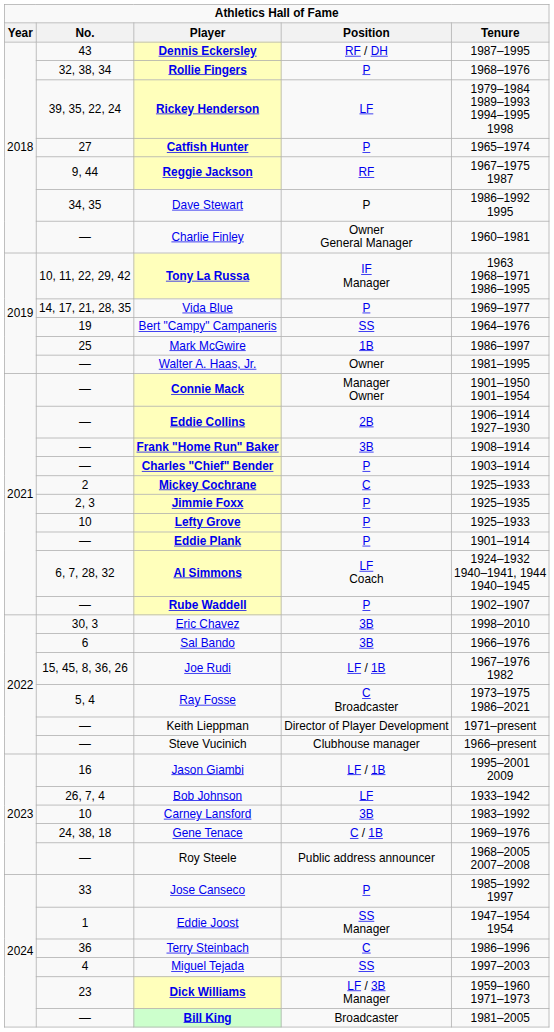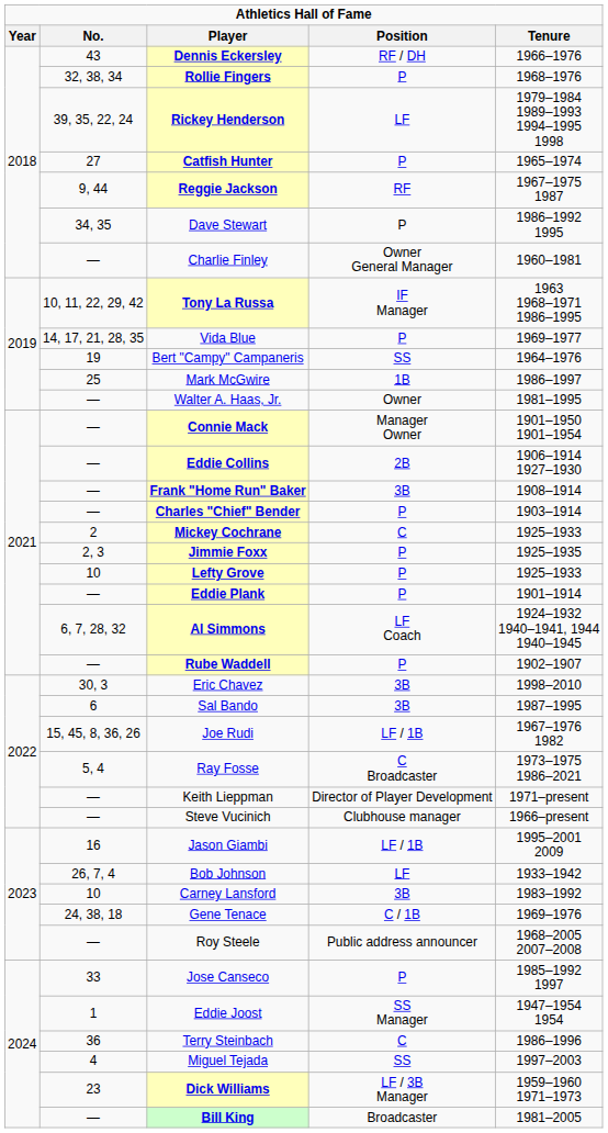 <table class="wikitable" style="text-align:center">
 <tr>
 <td colspan="5"><strong>Athletics Hall of Fame</strong></td>
 </tr>
 <tr>
 <th>Year</th>
 <th>No.</th>
 <th>Player</th>
 <th>Position</th>
 <th>Tenure</th>
 </tr>
 <tr>
 <td rowspan=7>2018</td>
 <td>43</td>
 <td style="background:#ffb;"><strong><a href='#'>Dennis Eckersley</a></strong></td>
 <td><a href='#'>RF</a> / <a href='#'>DH</a></td>
-<td>1987–1995</td>
+<td>1966–1976</td>
 </tr>
 <tr>
 <td>32, 38, 34</td>
 <td style="background:#ffb;"><strong><a href='#'>Rollie Fingers</a></strong></td>
 <td><a href='#'>P</a></td>
 <td>1968–1976</td>
 </tr>
 <tr>
 <td>39, 35, 22, 24</td>
 <td style="background:#ffb;"><strong><a href='#'>Rickey Henderson</a></strong></td>
 <td><a href='#'>LF</a></td>
 <td>1979–1984<br>1989–1993<br>1994–1995<br>1998</td>
 </tr>
 <tr>
 <td>27</td>
 <td style="background:#ffb;"><strong><a href='#'>Catfish Hunter</a></strong></td>
 <td><a href='#'>P</a></td>
 <td>1965–1974</td>
 </tr>
 <tr>
 <td>9, 44</td>
 <td style="background:#ffb;"><strong><a href='#'>Reggie Jackson</a></strong></td>
 <td><a href='#'>RF</a></td>
 <td>1967–1975<br>1987</td>
 </tr>
 <tr>
 <td>34, 35</td>
 <td><a href='#'>Dave Stewart</a></td>
 <td>P</td>
 <td>1986–1992<br>1995</td>
 </tr>
 <tr>
 <td>—</td>
 <td><a href='#'>Charlie Finley</a></td>
 <td>Owner<br>General Manager</td>
 <td>1960–1981</td>
 </tr>
 <tr>
 <td rowspan=5>2019</td>
 <td>10, 11, 22, 29, 42</td>
 <td style="background:#ffb;"><strong><a href='#'>Tony La Russa</a></strong></td>
 <td><a href='#'>IF</a><br>Manager</td>
 <td>1963<br>1968–1971<br>1986–1995</td>
 </tr>
 <tr>
 <td>14, 17, 21, 28, 35</td>
 <td><a href='#'>Vida Blue</a></td>
 <td><a href='#'>P</a></td>
 <td>1969–1977</td>
 </tr>
 <tr>
 <td>19</td>
 <td><a href='#'>Bert "Campy" Campaneris</a></td>
 <td><a href='#'>SS</a></td>
 <td>1964–1976</td>
 </tr>
 <tr>
 <td>25</td>
 <td><a href='#'>Mark McGwire</a></td>
 <td><a href='#'>1B</a></td>
 <td>1986–1997</td>
 </tr>
 <tr>
 <td>—</td>
 <td><a href='#'>Walter A. Haas, Jr.</a></td>
 <td>Owner</td>
 <td>1981–1995</td>
 </tr>
 <tr>
 <td rowspan=10>2021</td>
 <td>—</td>
 <td style="background:#ffb;"><strong><a href='#'>Connie Mack</a></strong></td>
 <td>Manager<br>Owner</td>
 <td>1901–1950<br>1901–1954</td>
 </tr>
 <tr>
 <td>—</td>
 <td style="background:#ffb;"><strong><a href='#'>Eddie Collins</a></strong></td>
 <td><a href='#'>2B</a></td>
 <td>1906–1914<br>1927–1930</td>
 </tr>
 <tr>
 <td>—</td>
 <td style="background:#ffb;"><strong><a href='#'>Frank "Home Run" Baker</a></strong></td>
 <td><a href='#'>3B</a></td>
 <td>1908–1914</td>
 </tr>
 <tr>
 <td>—</td>
 <td style="background:#ffb;"><strong><a href='#'>Charles "Chief" Bender</a></strong></td>
 <td><a href='#'>P</a></td>
 <td>1903–1914</td>
 </tr>
 <tr>
 <td>2</td>
 <td style="background:#ffb;"><strong><a href='#'>Mickey Cochrane</a></strong></td>
 <td><a href='#'>C</a></td>
 <td>1925–1933</td>
 </tr>
 <tr>
 <td>2, 3</td>
 <td style="background:#ffb;"><strong><a href='#'>Jimmie Foxx</a></strong></td>
 <td><a href='#'>P</a></td>
 <td>1925–1935</td>
 </tr>
 <tr>
 <td>10</td>
 <td style="background:#ffb;"><strong><a href='#'>Lefty Grove</a></strong></td>
 <td><a href='#'>P</a></td>
 <td>1925–1933</td>
 </tr>
 <tr>
 <td>—</td>
 <td style="background:#ffb;"><strong><a href='#'>Eddie Plank</a></strong></td>
 <td><a href='#'>P</a></td>
 <td>1901–1914</td>
 </tr>
 <tr>
 <td>6, 7, 28, 32</td>
 <td style="background:#ffb;"><strong><a href='#'>Al Simmons</a></strong></td>
 <td><a href='#'>LF</a><br>Coach</td>
 <td>1924–1932<br>1940–1941, 1944<br>1940–1945</td>
 </tr>
 <tr>
 <td>—</td>
 <td style="background:#ffb;"><strong><a href='#'>Rube Waddell</a></strong></td>
 <td><a href='#'>P</a></td>
 <td>1902–1907</td>
 </tr>
 <tr>
 <td rowspan=6>2022</td>
 <td>30, 3</td>
 <td><a href='#'>Eric Chavez</a></td>
 <td><a href='#'>3B</a></td>
 <td>1998–2010</td>
 </tr>
 <tr>
 <td>6</td>
 <td><a href='#'>Sal Bando</a></td>
 <td><a href='#'>3B</a></td>
-<td>1966–1976</td>
+<td>1987–1995</td>
 </tr>
 <tr>
 <td>15, 45, 8, 36, 26</td>
 <td><a href='#'>Joe Rudi</a></td>
 <td><a href='#'>LF</a> / <a href='#'>1B</a></td>
 <td>1967–1976<br>1982</td>
 </tr>
 <tr>
 <td>5, 4</td>
 <td><a href='#'>Ray Fosse</a></td>
 <td><a href='#'>C</a><br>Broadcaster</td>
 <td>1973–1975<br>1986–2021</td>
 </tr>
 <tr>
 <td>—</td>
 <td>Keith Lieppman</td>
 <td>Director of Player Development</td>
 <td>1971–present</td>
 </tr>
 <tr>
 <td>—</td>
 <td>Steve Vucinich</td>
 <td>Clubhouse manager</td>
 <td>1966–present</td>
 </tr>
 <tr>
 <td rowspan=5>2023</td>
 <td>16</td>
 <td><a href='#'>Jason Giambi</a></td>
 <td><a href='#'>LF</a> / <a href='#'>1B</a></td>
 <td>1995–2001<br>2009</td>
 </tr>
 <tr>
 <td>26, 7, 4</td>
 <td><a href='#'>Bob Johnson</a></td>
 <td><a href='#'>LF</a></td>
 <td>1933–1942</td>
 </tr>
 <tr>
 <td>10</td>
 <td><a href='#'>Carney Lansford</a></td>
 <td><a href='#'>3B</a></td>
 <td>1983–1992</td>
 </tr>
 <tr>
 <td>24, 38, 18</td>
 <td><a href='#'>Gene Tenace</a></td>
 <td><a href='#'>C</a> / <a href='#'>1B</a></td>
 <td>1969–1976</td>
 </tr>
 <tr>
 <td>—</td>
 <td>Roy Steele</td>
 <td>Public address announcer</td>
 <td>1968–2005<br>2007–2008</td>
 </tr>
 <tr>
 <td rowspan=6>2024</td>
 <td>33</td>
 <td><a href='#'>Jose Canseco</a></td>
 <td><a href='#'>P</a></td>
 <td>1985–1992<br>1997</td>
 </tr>
 <tr>
 <td>1</td>
 <td><a href='#'>Eddie Joost</a></td>
 <td><a href='#'>SS</a><br>Manager</td>
 <td>1947–1954<br>1954</td>
 </tr>
 <tr>
 <td>36</td>
 <td><a href='#'>Terry Steinbach</a></td>
 <td><a href='#'>C</a></td>
 <td>1986–1996</td>
 </tr>
 <tr>
 <td>4</td>
 <td><a href='#'>Miguel Tejada</a></td>
 <td><a href='#'>SS</a></td>
 <td>1997–2003</td>
 </tr>
 <tr>
 <td>23</td>
 <td style="background:#ffb;"><strong><a href='#'>Dick Williams</a></strong></td>
 <td><a href='#'>LF</a> / <a href='#'>3B</a><br>Manager</td>
 <td>1959–1960<br>1971–1973</td>
 </tr>
 <tr>
 <td>—</td>
 <td style="background:#cfc;"><strong><a href='#'>Bill King</a></strong></td>
 <td>Broadcaster</td>
 <td>1981–2005</td>
 </tr>
 </table>
